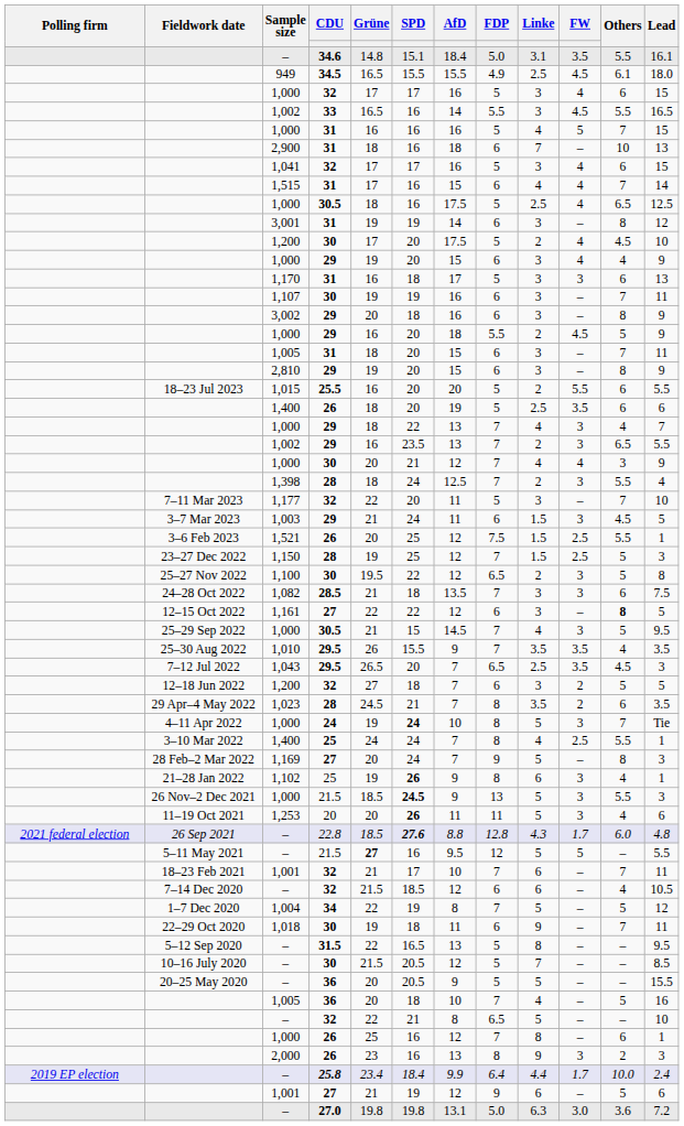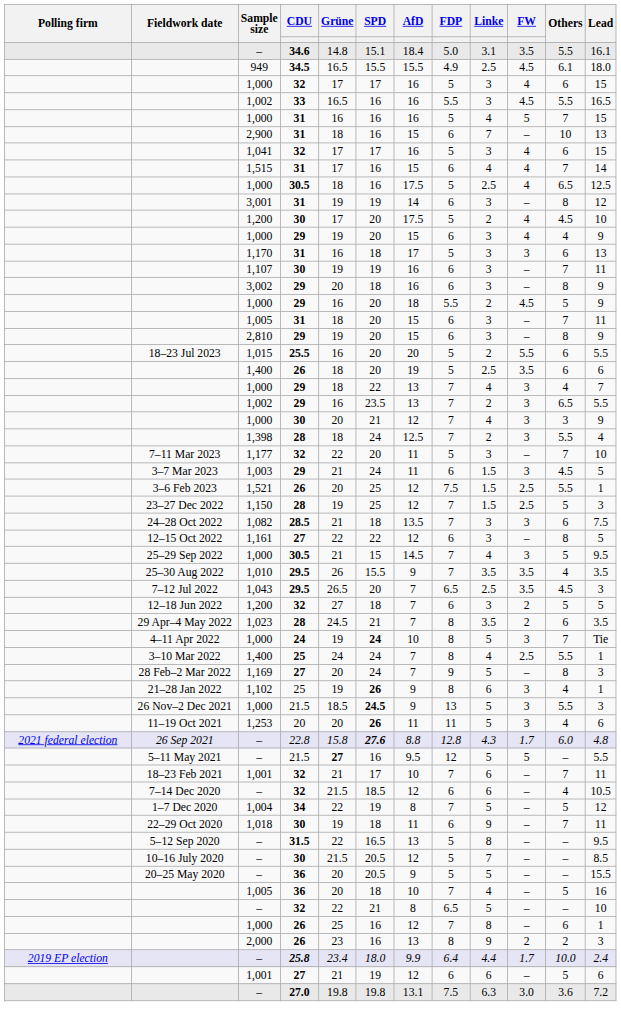 <table class="wikitable sortable" style="text-align:center;font-size:90%;line-height:14px;">
 <tr style="height:40px;">
 <th style="width:150px;" rowspan="2">Polling firm</th>
 <th style="width:125px;" rowspan="2">Fieldwork date</th>
 <th style="width:35px;" rowspan="2">Sample<br>size</th>
 <th class="unsortable" style="width:40px;"><a href='#'>CDU</a></th>
 <th class="unsortable" style="width:40px;"><a href='#'>Grüne</a></th>
 <th class="unsortable" style="width:40px;"><a href='#'>SPD</a></th>
 <th class="unsortable" style="width:40px;"><a href='#'>AfD</a></th>
 <th class="unsortable" style="width:40px;"><a href='#'>FDP</a></th>
 <th class="unsortable" style="width:40px;"><a href='#'>Linke</a></th>
 <th class="unsortable" style="width:40px;"><a href='#'>FW</a></th>
 <th class="unsortable" style="width:40px;" rowspan="2">Others</th>
 <th style="width:30px;" rowspan="2">Lead</th>
 </tr>
 <tr>
 <th style="background: "></th>
 <th style="background: "></th>
 <th style="background: "></th>
 <th style="background: "></th>
 <th style="background: "></th>
 <th style="background: "></th>
 <th style="background: "></th>
 </tr>
 <tr style="background:#E9E9E9;">
 <td></td>
 <td></td>
 <td>–</td>
 <td><strong>34.6</strong></td>
 <td>14.8</td>
 <td>15.1</td>
 <td>18.4</td>
 <td>5.0</td>
 <td>3.1</td>
 <td>3.5</td>
 <td>5.5</td>
 <td style="background: ">16.1</td>
 </tr>
 <tr>
 <td></td>
 <td></td>
 <td>949</td>
 <td><strong>34.5</strong></td>
 <td>16.5</td>
 <td>15.5</td>
 <td>15.5</td>
 <td>4.9</td>
 <td>2.5</td>
 <td>4.5</td>
 <td>6.1</td>
 <td style="background: ">18.0</td>
 </tr>
 <tr>
 <td></td>
 <td></td>
 <td>1,000</td>
 <td><strong>32</strong></td>
 <td>17</td>
 <td>17</td>
 <td>16</td>
 <td>5</td>
 <td>3</td>
 <td>4</td>
 <td>6</td>
 <td style="background: ">15</td>
 </tr>
 <tr>
 <td></td>
 <td></td>
 <td>1,002</td>
 <td><strong>33</strong></td>
 <td>16.5</td>
 <td>16</td>
-<td>14</td>
+<td>16</td>
 <td>5.5</td>
 <td>3</td>
 <td>4.5</td>
 <td>5.5</td>
 <td style="background: ">16.5</td>
 </tr>
 <tr>
 <td></td>
 <td></td>
 <td>1,000</td>
 <td><strong>31</strong></td>
 <td>16</td>
 <td>16</td>
 <td>16</td>
 <td>5</td>
 <td>4</td>
 <td>5</td>
 <td>7</td>
 <td style="background: ">15</td>
 </tr>
 <tr>
 <td></td>
 <td></td>
 <td>2,900</td>
 <td><strong>31</strong></td>
 <td>18</td>
 <td>16</td>
-<td>18</td>
+<td>15</td>
 <td>6</td>
 <td>7</td>
 <td>–</td>
 <td>10</td>
 <td style="background: ">13</td>
 </tr>
 <tr>
 <td></td>
 <td></td>
 <td>1,041</td>
 <td><strong>32</strong></td>
 <td>17</td>
 <td>17</td>
 <td>16</td>
 <td>5</td>
 <td>3</td>
 <td>4</td>
 <td>6</td>
 <td style="background: ">15</td>
 </tr>
 <tr>
 <td></td>
 <td></td>
 <td>1,515</td>
 <td><strong>31</strong></td>
 <td>17</td>
 <td>16</td>
 <td>15</td>
 <td>6</td>
 <td>4</td>
 <td>4</td>
 <td>7</td>
 <td style="background: ">14</td>
 </tr>
 <tr>
 <td></td>
 <td></td>
 <td>1,000</td>
 <td><strong>30.5</strong></td>
 <td>18</td>
 <td>16</td>
 <td>17.5</td>
 <td>5</td>
 <td>2.5</td>
 <td>4</td>
 <td>6.5</td>
 <td style="background: ">12.5</td>
 </tr>
 <tr>
 <td></td>
 <td></td>
 <td>3,001</td>
 <td><strong>31</strong></td>
 <td>19</td>
 <td>19</td>
 <td>14</td>
 <td>6</td>
 <td>3</td>
 <td>–</td>
 <td>8</td>
 <td style="background: ">12</td>
 </tr>
 <tr>
 <td></td>
 <td></td>
 <td>1,200</td>
 <td><strong>30</strong></td>
 <td>17</td>
 <td>20</td>
 <td>17.5</td>
 <td>5</td>
 <td>2</td>
 <td>4</td>
 <td>4.5</td>
 <td style="background: ">10</td>
 </tr>
 <tr>
 <td></td>
 <td></td>
 <td>1,000</td>
 <td><strong>29</strong></td>
 <td>19</td>
 <td>20</td>
 <td>15</td>
 <td>6</td>
 <td>3</td>
 <td>4</td>
 <td>4</td>
 <td style="background: ">9</td>
 </tr>
 <tr>
 <td></td>
 <td></td>
 <td>1,170</td>
 <td><strong>31</strong></td>
 <td>16</td>
 <td>18</td>
 <td>17</td>
 <td>5</td>
 <td>3</td>
 <td>3</td>
 <td>6</td>
 <td style="background: ">13</td>
 </tr>
 <tr>
 <td></td>
 <td></td>
 <td>1,107</td>
 <td><strong>30</strong></td>
 <td>19</td>
 <td>19</td>
 <td>16</td>
 <td>6</td>
 <td>3</td>
 <td>–</td>
 <td>7</td>
 <td style="background: ">11</td>
 </tr>
 <tr>
 <td></td>
 <td></td>
 <td>3,002</td>
 <td><strong>29</strong></td>
 <td>20</td>
 <td>18</td>
 <td>16</td>
 <td>6</td>
 <td>3</td>
 <td>–</td>
 <td>8</td>
 <td style="background: ">9</td>
 </tr>
 <tr>
 <td></td>
 <td></td>
 <td>1,000</td>
 <td><strong>29</strong></td>
 <td>16</td>
 <td>20</td>
 <td>18</td>
 <td>5.5</td>
 <td>2</td>
 <td>4.5</td>
 <td>5</td>
 <td style="background: ">9</td>
 </tr>
 <tr>
 <td></td>
 <td></td>
 <td>1,005</td>
 <td><strong>31</strong></td>
 <td>18</td>
 <td>20</td>
 <td>15</td>
 <td>6</td>
 <td>3</td>
 <td>–</td>
 <td>7</td>
 <td style="background: ">11</td>
 </tr>
 <tr>
 <td></td>
 <td></td>
 <td>2,810</td>
 <td><strong>29</strong></td>
 <td>19</td>
 <td>20</td>
 <td>15</td>
 <td>6</td>
 <td>3</td>
 <td>–</td>
 <td>8</td>
 <td style="background: ">9</td>
 </tr>
 <tr>
 <td></td>
 <td>18–23 Jul 2023</td>
 <td>1,015</td>
 <td><strong>25.5</strong></td>
 <td>16</td>
 <td>20</td>
 <td>20</td>
 <td>5</td>
 <td>2</td>
 <td>5.5</td>
 <td>6</td>
 <td style="background: ">5.5</td>
 </tr>
 <tr>
 <td></td>
 <td></td>
 <td>1,400</td>
 <td><strong>26</strong></td>
 <td>18</td>
 <td>20</td>
 <td>19</td>
 <td>5</td>
 <td>2.5</td>
 <td>3.5</td>
 <td>6</td>
 <td style="background: ">6</td>
 </tr>
 <tr>
 <td></td>
 <td></td>
 <td>1,000</td>
 <td><strong>29</strong></td>
 <td>18</td>
 <td>22</td>
 <td>13</td>
 <td>7</td>
 <td>4</td>
 <td>3</td>
 <td>4</td>
 <td style="background: ">7</td>
 </tr>
 <tr>
 <td></td>
 <td></td>
 <td>1,002</td>
 <td><strong>29</strong></td>
 <td>16</td>
 <td>23.5</td>
 <td>13</td>
 <td>7</td>
 <td>2</td>
 <td>3</td>
 <td>6.5</td>
 <td style="background: ">5.5</td>
 </tr>
 <tr>
 <td></td>
 <td></td>
 <td>1,000</td>
 <td><strong>30</strong></td>
 <td>20</td>
 <td>21</td>
 <td>12</td>
 <td>7</td>
 <td>4</td>
-<td>4</td>
+<td>3</td>
 <td>3</td>
 <td style="background: ">9</td>
 </tr>
 <tr>
 <td></td>
 <td></td>
 <td>1,398</td>
 <td><strong>28</strong></td>
 <td>18</td>
 <td>24</td>
 <td>12.5</td>
 <td>7</td>
 <td>2</td>
 <td>3</td>
 <td>5.5</td>
 <td style="background: ">4</td>
 </tr>
 <tr>
 <td></td>
 <td data-sort-value="2023-03-11">7–11 Mar 2023</td>
 <td>1,177</td>
 <td><strong>32</strong></td>
 <td>22</td>
 <td>20</td>
 <td>11</td>
 <td>5</td>
 <td>3</td>
 <td>–</td>
 <td>7</td>
 <td style="background: ">10</td>
 </tr>
 <tr>
 <td></td>
 <td>3–7 Mar 2023</td>
 <td>1,003</td>
 <td><strong>29</strong></td>
 <td>21</td>
 <td>24</td>
 <td>11</td>
 <td>6</td>
 <td>1.5</td>
 <td>3</td>
 <td>4.5</td>
 <td style="background: ">5</td>
 </tr>
 <tr>
 <td></td>
 <td>3–6 Feb 2023</td>
 <td>1,521</td>
 <td><strong>26</strong></td>
 <td>20</td>
 <td>25</td>
 <td>12</td>
 <td>7.5</td>
 <td>1.5</td>
 <td>2.5</td>
 <td>5.5</td>
 <td style="background: ">1</td>
 </tr>
 <tr>
 <td></td>
 <td>23–27 Dec 2022</td>
 <td>1,150</td>
 <td><strong>28</strong></td>
 <td>19</td>
 <td>25</td>
 <td>12</td>
 <td>7</td>
 <td>1.5</td>
 <td>2.5</td>
 <td>5</td>
 <td style="background: ">3</td>
 </tr>
 <tr>
 <td></td>
-<td>25–27 Nov 2022</td>
-<td>1,100</td>
-<td><strong>30</strong></td>
-<td>19.5</td>
-<td>22</td>
-<td>12</td>
-<td>6.5</td>
-<td>2</td>
-<td>3</td>
-<td>5</td>
-<td style="background: ">8</td>
-</tr>
-<tr>
-<td></td>
 <td>24–28 Oct 2022</td>
 <td>1,082</td>
 <td><strong>28.5</strong></td>
 <td>21</td>
 <td>18</td>
 <td>13.5</td>
 <td>7</td>
 <td>3</td>
 <td>3</td>
 <td>6</td>
 <td style="background: ">7.5</td>
 </tr>
 <tr>
 <td></td>
 <td data-sort-value="2022-10-15">12–15 Oct 2022</td>
 <td>1,161</td>
 <td><strong>27</strong></td>
 <td>22</td>
 <td>22</td>
 <td>12</td>
 <td>6</td>
 <td>3</td>
 <td>–</td>
-<td><strong>8</strong></td>
+<td>8</td>
 <td style="background: ">5</td>
 </tr>
 <tr>
 <td></td>
 <td>25–29 Sep 2022</td>
 <td>1,000</td>
 <td><strong>30.5</strong></td>
 <td>21</td>
 <td>15</td>
 <td>14.5</td>
 <td>7</td>
 <td>4</td>
 <td>3</td>
 <td>5</td>
 <td style="background: ">9.5</td>
 </tr>
 <tr>
 <td></td>
 <td>25–30 Aug 2022</td>
 <td>1,010</td>
 <td><strong>29.5</strong></td>
 <td>26</td>
 <td>15.5</td>
 <td>9</td>
 <td>7</td>
 <td>3.5</td>
 <td>3.5</td>
 <td>4</td>
 <td style="background: ">3.5</td>
 </tr>
 <tr>
 <td></td>
 <td>7–12 Jul 2022</td>
 <td>1,043</td>
 <td><strong>29.5</strong></td>
 <td>26.5</td>
 <td>20</td>
 <td>7</td>
 <td>6.5</td>
 <td>2.5</td>
 <td>3.5</td>
 <td>4.5</td>
 <td style="background: ">3</td>
 </tr>
 <tr>
 <td></td>
 <td>12–18 Jun 2022</td>
 <td>1,200</td>
 <td><strong>32</strong></td>
 <td>27</td>
 <td>18</td>
 <td>7</td>
 <td>6</td>
 <td>3</td>
 <td>2</td>
 <td>5</td>
 <td style="background: ">5</td>
 </tr>
 <tr>
 <td></td>
 <td data-sort-value="2022-05-04">29 Apr–4 May 2022</td>
 <td>1,023</td>
 <td><strong>28</strong></td>
 <td>24.5</td>
 <td>21</td>
 <td>7</td>
 <td>8</td>
 <td>3.5</td>
 <td>2</td>
 <td>6</td>
 <td style="background: ">3.5</td>
 </tr>
 <tr>
 <td></td>
 <td data-sort-value="2022-04-11">4–11 Apr 2022</td>
 <td>1,000</td>
 <td><strong>24</strong></td>
 <td>19</td>
 <td><strong>24</strong></td>
 <td>10</td>
 <td>8</td>
 <td>5</td>
 <td>3</td>
 <td>7</td>
 <td>Tie</td>
 </tr>
 <tr>
 <td></td>
 <td data-sort-value="2022-03-10">3–10 Mar 2022</td>
 <td>1,400</td>
 <td><strong>25</strong></td>
 <td>24</td>
 <td>24</td>
 <td>7</td>
 <td>8</td>
 <td>4</td>
 <td>2.5</td>
 <td>5.5</td>
 <td style="background: ">1</td>
 </tr>
 <tr>
 <td></td>
 <td data-sort-value="2022-03-02">28 Feb–2 Mar 2022</td>
 <td>1,169</td>
 <td><strong>27</strong></td>
 <td>20</td>
 <td>24</td>
 <td>7</td>
 <td>9</td>
 <td>5</td>
 <td>–</td>
 <td>8</td>
 <td style="background: ">3</td>
 </tr>
 <tr>
 <td></td>
 <td data-sort-value="2022-01-28">21–28 Jan 2022</td>
 <td>1,102</td>
 <td>25</td>
 <td>19</td>
 <td><strong>26</strong></td>
 <td>9</td>
 <td>8</td>
 <td>6</td>
 <td>3</td>
 <td>4</td>
 <td style="background: ">1</td>
 </tr>
 <tr>
 <td></td>
 <td data-sort-value="2021-12-02">26 Nov–2 Dec 2021</td>
 <td>1,000</td>
 <td>21.5</td>
 <td>18.5</td>
 <td><strong>24.5</strong></td>
 <td>9</td>
 <td>13</td>
 <td>5</td>
 <td>3</td>
 <td>5.5</td>
 <td style="background: ">3</td>
 </tr>
 <tr>
 <td></td>
 <td data-sort-value="2021-10-19">11–19 Oct 2021</td>
 <td>1,253</td>
 <td>20</td>
 <td>20</td>
 <td><strong>26</strong></td>
 <td>11</td>
 <td>11</td>
 <td>5</td>
 <td>3</td>
 <td>4</td>
 <td style="background: ">6</td>
 </tr>
 <tr style="background:#E5E5F5;font-style:italic;">
 <td><a href='#'>2021 federal election</a></td>
 <td data-sort-value="2021-09-26">26 Sep 2021</td>
 <td>–</td>
 <td>22.8</td>
-<td>18.5</td>
+<td>15.8</td>
 <td><strong>27.6</strong></td>
 <td>8.8</td>
 <td>12.8</td>
 <td>4.3</td>
 <td>1.7</td>
 <td>6.0</td>
 <td style="background: ">4.8</td>
 </tr>
 <tr>
 <td></td>
 <td data-sort-value="2021-05-11">5–11 May 2021</td>
 <td>–</td>
 <td>21.5</td>
 <td><strong>27</strong></td>
 <td>16</td>
 <td>9.5</td>
 <td>12</td>
 <td>5</td>
 <td>5</td>
 <td>–</td>
 <td style="background: ">5.5</td>
 </tr>
 <tr>
 <td></td>
 <td data-sort-value="2021-02-23">18–23 Feb 2021</td>
 <td>1,001</td>
 <td><strong>32</strong></td>
 <td>21</td>
 <td>17</td>
 <td>10</td>
 <td>7</td>
 <td>6</td>
 <td>–</td>
 <td>7</td>
 <td style="background: ">11</td>
 </tr>
 <tr>
 <td></td>
 <td data-sort-value="2020-12-14">7–14 Dec 2020</td>
 <td>–</td>
 <td><strong>32</strong></td>
 <td>21.5</td>
 <td>18.5</td>
 <td>12</td>
 <td>6</td>
 <td>6</td>
 <td>–</td>
 <td>4</td>
 <td style="background: ">10.5</td>
 </tr>
 <tr>
 <td></td>
 <td data-sort-value="2020-12-07">1–7 Dec 2020</td>
 <td>1,004</td>
 <td><strong>34</strong></td>
 <td>22</td>
 <td>19</td>
 <td>8</td>
 <td>7</td>
 <td>5</td>
 <td>–</td>
 <td>5</td>
 <td style="background: ">12</td>
 </tr>
 <tr>
 <td></td>
 <td data-sort-value="2020-10-29">22–29 Oct 2020</td>
 <td>1,018</td>
 <td><strong>30</strong></td>
 <td>19</td>
 <td>18</td>
 <td>11</td>
 <td>6</td>
 <td>9</td>
 <td>–</td>
 <td>7</td>
 <td style="background: ">11</td>
 </tr>
 <tr>
 <td></td>
 <td data-sort-value="2020-09-12">5–12 Sep 2020</td>
 <td>–</td>
 <td><strong>31.5</strong></td>
 <td>22</td>
 <td>16.5</td>
 <td>13</td>
 <td>5</td>
 <td>8</td>
 <td>–</td>
 <td>–</td>
 <td style="background: ">9.5</td>
 </tr>
 <tr>
 <td></td>
 <td data-sort-value="2020-07-16">10–16 July 2020</td>
 <td>–</td>
 <td><strong>30</strong></td>
 <td>21.5</td>
 <td>20.5</td>
 <td>12</td>
 <td>5</td>
 <td>7</td>
 <td>–</td>
 <td>–</td>
 <td style="background: ">8.5</td>
 </tr>
 <tr>
 <td></td>
 <td data-sort-value="2020-05-25">20–25 May 2020</td>
 <td>–</td>
 <td><strong>36</strong></td>
 <td>20</td>
 <td>20.5</td>
 <td>9</td>
 <td>5</td>
 <td>5</td>
 <td>–</td>
 <td>–</td>
 <td style="background: ">15.5</td>
 </tr>
 <tr>
 <td></td>
 <td></td>
 <td>1,005</td>
 <td><strong>36</strong></td>
 <td>20</td>
 <td>18</td>
 <td>10</td>
 <td>7</td>
 <td>4</td>
 <td>–</td>
 <td>5</td>
 <td style="background: ">16</td>
 </tr>
 <tr>
 <td></td>
 <td></td>
 <td>–</td>
 <td><strong>32</strong></td>
 <td>22</td>
 <td>21</td>
 <td>8</td>
 <td>6.5</td>
 <td>5</td>
 <td>–</td>
 <td>–</td>
 <td style="background: ">10</td>
 </tr>
 <tr>
 <td></td>
 <td></td>
 <td>1,000</td>
 <td><strong>26</strong></td>
 <td>25</td>
 <td>16</td>
 <td>12</td>
 <td>7</td>
 <td>8</td>
 <td>–</td>
 <td>6</td>
 <td style="background: ">1</td>
 </tr>
 <tr>
 <td></td>
 <td></td>
 <td>2,000</td>
 <td><strong>26</strong></td>
 <td>23</td>
 <td>16</td>
 <td>13</td>
 <td>8</td>
 <td>9</td>
-<td>3</td>
+<td>2</td>
 <td>2</td>
 <td style="background: ">3</td>
 </tr>
 <tr style="background:#E5E5F5;font-style:italic;">
 <td><a href='#'>2019 EP election</a></td>
 <td></td>
 <td>–</td>
 <td><strong>25.8</strong></td>
 <td>23.4</td>
-<td>18.4</td>
+<td>18.0</td>
 <td>9.9</td>
 <td>6.4</td>
 <td>4.4</td>
 <td>1.7</td>
 <td>10.0</td>
 <td style="background: ">2.4</td>
 </tr>
 <tr>
 <td></td>
 <td></td>
 <td>1,001</td>
 <td><strong>27</strong></td>
 <td>21</td>
 <td>19</td>
 <td>12</td>
-<td>9</td>
+<td>6</td>
 <td>6</td>
 <td>–</td>
 <td>5</td>
 <td style="background: ">6</td>
 </tr>
 <tr style="background:#E9E9E9;">
 <td></td>
 <td></td>
 <td>–</td>
 <td><strong>27.0</strong></td>
 <td>19.8</td>
 <td>19.8</td>
 <td>13.1</td>
-<td>5.0</td>
+<td>7.5</td>
 <td>6.3</td>
 <td>3.0</td>
 <td>3.6</td>
 <td style="background: ">7.2</td>
 </tr>
 </table>
